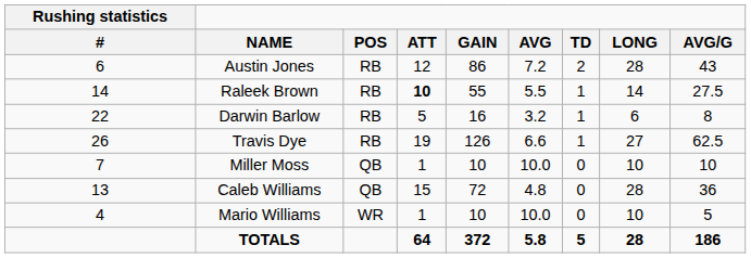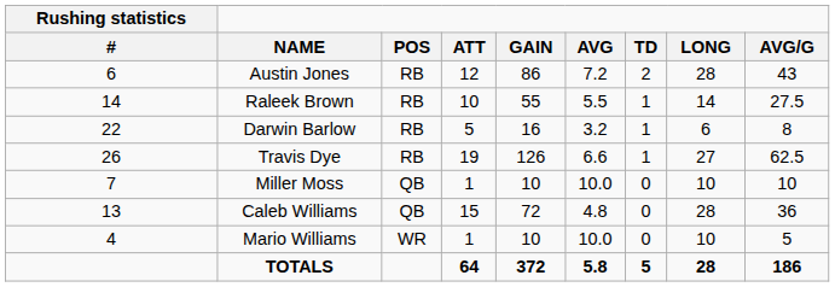 <table style="width:60%; text-align:center;" class="wikitable collapsible collapsed">
 <tr>
 <th style="text-align:center; ">Rushing statistics</th>
 </tr>
 <tr>
 <th>#</th>
 <th>NAME</th>
 <th>POS</th>
 <th>ATT</th>
 <th>GAIN</th>
 <th>AVG</th>
 <th>TD</th>
 <th>LONG</th>
 <th>AVG/G</th>
 </tr>
 <tr>
 <td>6</td>
 <td>Austin Jones</td>
 <td>RB</td>
 <td>12</td>
 <td>86</td>
 <td>7.2</td>
 <td>2</td>
 <td>28</td>
 <td>43</td>
 </tr>
 <tr>
 <td>14</td>
 <td>Raleek Brown</td>
 <td>RB</td>
-<td><strong>10</strong></td>
+<td>10</td>
 <td>55</td>
 <td>5.5</td>
 <td>1</td>
 <td>14</td>
 <td>27.5</td>
 </tr>
 <tr>
 <td>22</td>
 <td>Darwin Barlow</td>
 <td>RB</td>
 <td>5</td>
 <td>16</td>
 <td>3.2</td>
 <td>1</td>
 <td>6</td>
 <td>8</td>
 </tr>
 <tr>
 <td>26</td>
 <td>Travis Dye</td>
 <td>RB</td>
 <td>19</td>
 <td>126</td>
 <td>6.6</td>
 <td>1</td>
 <td>27</td>
 <td>62.5</td>
 </tr>
 <tr>
 <td>7</td>
 <td>Miller Moss</td>
 <td>QB</td>
 <td>1</td>
 <td>10</td>
 <td>10.0</td>
 <td>0</td>
 <td>10</td>
 <td>10</td>
 </tr>
 <tr>
 <td>13</td>
 <td>Caleb Williams</td>
 <td>QB</td>
 <td>15</td>
 <td>72</td>
 <td>4.8</td>
 <td>0</td>
 <td>28</td>
 <td>36</td>
 </tr>
 <tr>
 <td>4</td>
 <td>Mario Williams</td>
 <td>WR</td>
 <td>1</td>
 <td>10</td>
 <td>10.0</td>
 <td>0</td>
 <td>10</td>
 <td>5</td>
 </tr>
 <tr>
 <td></td>
 <td><strong>TOTALS</strong></td>
 <td></td>
 <td><strong>64</strong></td>
 <td><strong>372</strong></td>
 <td><strong>5.8</strong></td>
 <td><strong>5</strong></td>
 <td><strong>28</strong></td>
 <td><strong>186</strong></td>
 </tr>
 </table>
